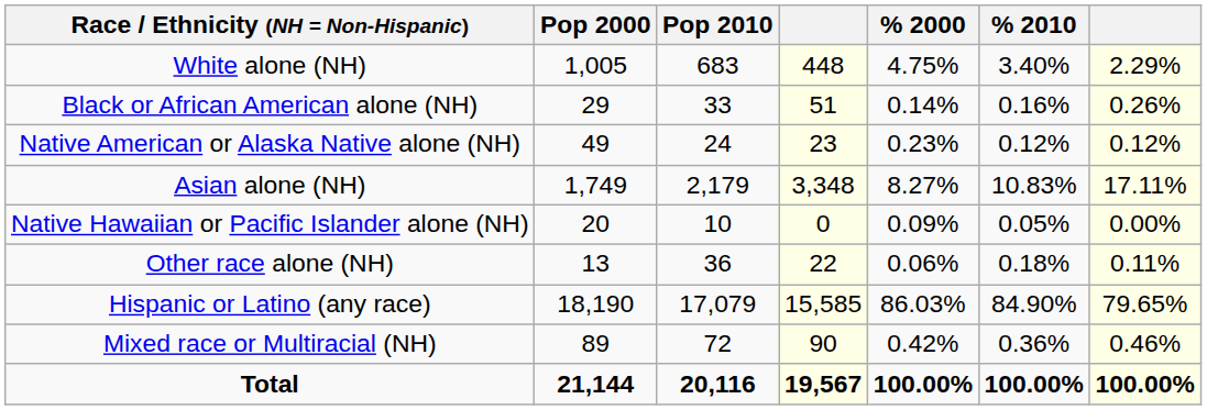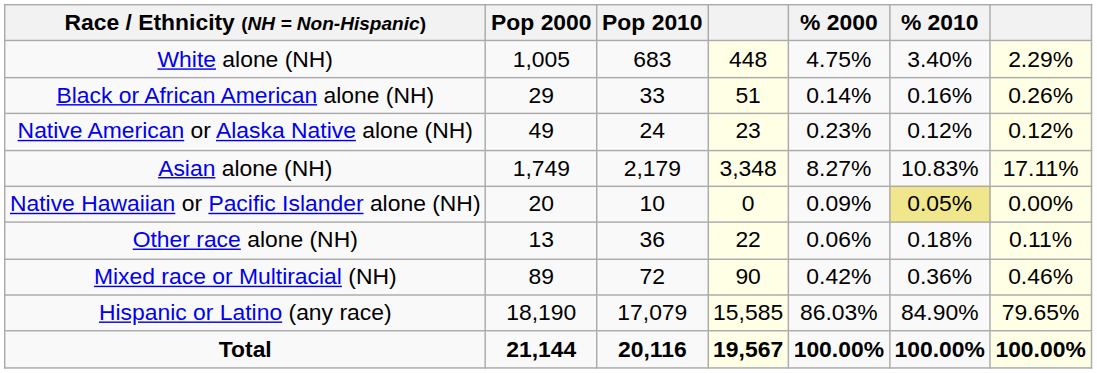 <table class="wikitable" style="text-align:center;">
 <tr>
 <th>Race / Ethnicity <small>(<em>NH = Non-Hispanic</em>)</small></th>
 <th>Pop 2000</th>
 <th>Pop 2010</th>
 <th></th>
 <th>% 2000</th>
 <th>% 2010</th>
 <th></th>
 </tr>
 <tr>
 <td><a href='#'>White</a> alone (NH)</td>
 <td>1,005</td>
 <td>683</td>
 <td style='background: #ffffe6;'>448</td>
 <td>4.75%</td>
 <td>3.40%</td>
 <td style='background: #ffffe6;'>2.29%</td>
 </tr>
 <tr>
 <td><a href='#'>Black or African American</a> alone (NH)</td>
 <td>29</td>
 <td>33</td>
 <td style='background: #ffffe6;'>51</td>
 <td>0.14%</td>
 <td>0.16%</td>
 <td style='background: #ffffe6;'>0.26%</td>
 </tr>
 <tr>
 <td><a href='#'>Native American</a> or <a href='#'>Alaska Native</a> alone (NH)</td>
 <td>49</td>
 <td>24</td>
 <td style='background: #ffffe6;'>23</td>
 <td>0.23%</td>
 <td>0.12%</td>
 <td style='background: #ffffe6;'>0.12%</td>
 </tr>
 <tr>
 <td><a href='#'>Asian</a> alone (NH)</td>
 <td>1,749</td>
 <td>2,179</td>
 <td style='background: #ffffe6;'>3,348</td>
 <td>8.27%</td>
 <td>10.83%</td>
 <td style='background: #ffffe6;'>17.11%</td>
 </tr>
 <tr>
 <td><a href='#'>Native Hawaiian</a> or <a href='#'>Pacific Islander</a> alone (NH)</td>
 <td>20</td>
 <td>10</td>
 <td style='background: #ffffe6;'>0</td>
 <td>0.09%</td>
-<td>0.05%</td>
+<td style="background: khaki;">0.05%</td>
 <td style='background: #ffffe6;'>0.00%</td>
 </tr>
 <tr>
 <td><a href='#'>Other race</a> alone (NH)</td>
 <td>13</td>
 <td>36</td>
 <td style='background: #ffffe6;'>22</td>
 <td>0.06%</td>
 <td>0.18%</td>
 <td style='background: #ffffe6;'>0.11%</td>
 </tr>
 <tr>
+<td><a href='#'>Mixed race or Multiracial</a> (NH)</td>
+<td>89</td>
+<td>72</td>
+<td style='background: #ffffe6;'>90</td>
+<td>0.42%</td>
+<td>0.36%</td>
+<td style='background: #ffffe6;'>0.46%</td>
+</tr>
+<tr>
 <td><a href='#'>Hispanic or Latino</a> (any race)</td>
 <td>18,190</td>
 <td>17,079</td>
 <td style='background: #ffffe6;'>15,585</td>
 <td>86.03%</td>
 <td>84.90%</td>
 <td style='background: #ffffe6;'>79.65%</td>
-</tr>
-<tr>
-<td><a href='#'>Mixed race or Multiracial</a> (NH)</td>
-<td>89</td>
-<td>72</td>
-<td style='background: #ffffe6;'>90</td>
-<td>0.42%</td>
-<td>0.36%</td>
-<td style='background: #ffffe6;'>0.46%</td>
 </tr>
 <tr>
 <td><strong>Total</strong></td>
 <td><strong>21,144</strong></td>
 <td><strong>20,116</strong></td>
 <td style='background: #ffffe6;'><strong>19,567</strong></td>
 <td><strong>100.00%</strong></td>
 <td><strong>100.00%</strong></td>
 <td style='background: #ffffe6;'><strong>100.00%</strong></td>
 </tr>
 </table>
